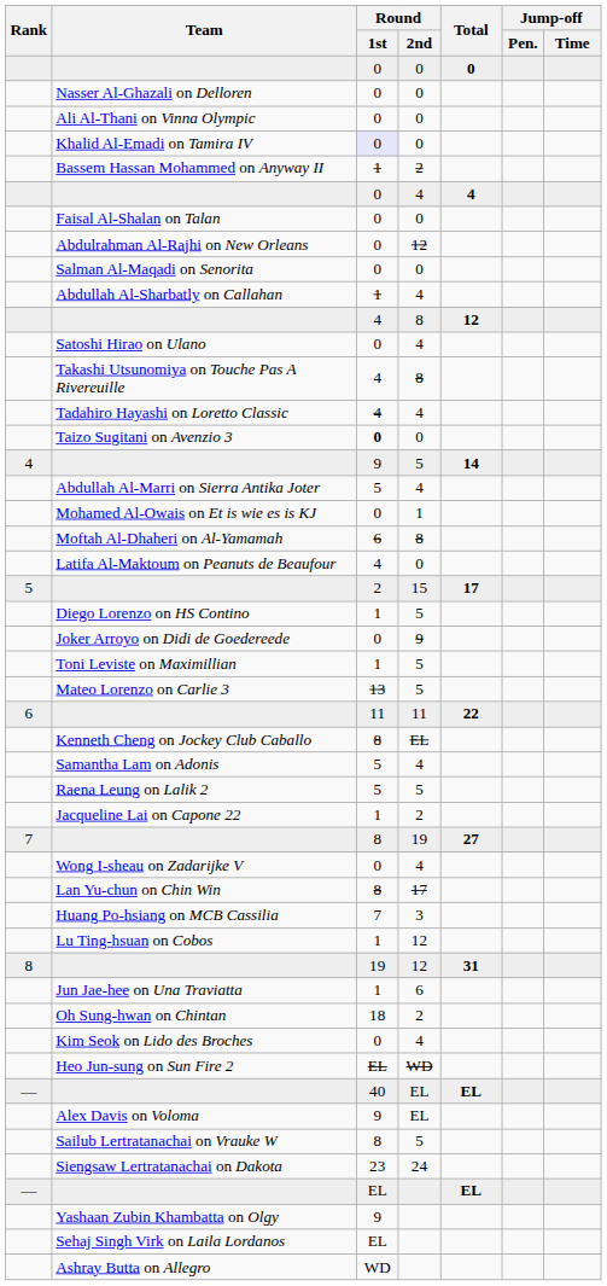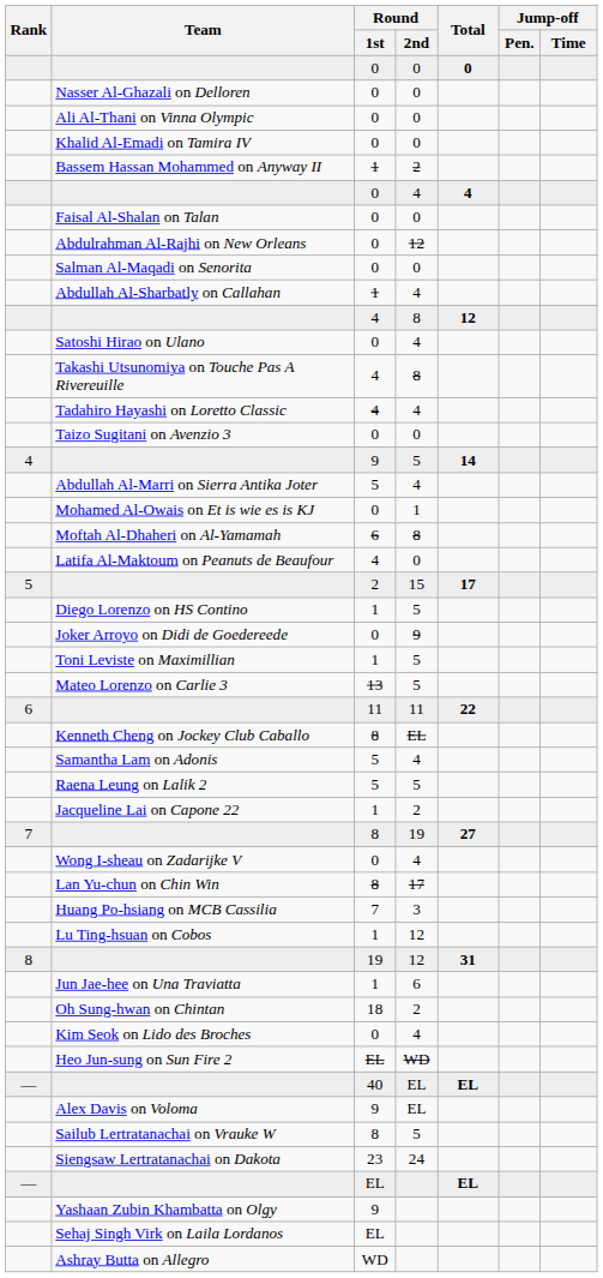 <table class=wikitable style="text-align:center">
 <tr>
 <th rowspan=2 width=40>Rank</th>
 <th rowspan=2 width=300>Team</th>
 <th colspan=2>Round</th>
 <th rowspan=2 width=55>Total</th>
 <th colspan=2>Jump-off</th>
 </tr>
 <tr>
 <th width=35>1st</th>
 <th width=35>2nd</th>
 <th width=35>Pen.</th>
 <th width=50>Time</th>
 </tr>
 <tr bgcolor=eeeeee>
 <td></td>
 <td align=left></td>
 <td>0</td>
 <td>0</td>
 <td><strong>0</strong></td>
 <td></td>
 <td></td>
 </tr>
 <tr>
 <td></td>
 <td align=left><a href='#'>Nasser Al-Ghazali</a> on <em>Delloren</em></td>
 <td>0</td>
 <td>0</td>
 <td></td>
 <td></td>
 <td></td>
 </tr>
 <tr>
 <td></td>
 <td align=left><a href='#'>Ali Al-Thani</a> on <em>Vinna Olympic</em></td>
 <td>0</td>
 <td>0</td>
 <td></td>
 <td></td>
 <td></td>
 </tr>
 <tr>
 <td></td>
 <td align=left><a href='#'>Khalid Al-Emadi</a> on <em>Tamira IV</em></td>
-<td style="background: lavender;">0</td>
+<td>0</td>
 <td>0</td>
 <td></td>
 <td></td>
 <td></td>
 </tr>
 <tr>
 <td></td>
 <td align=left><a href='#'>Bassem Hassan Mohammed</a> on <em>Anyway II</em></td>
 <td><s>1</s></td>
 <td><s>2</s></td>
 <td></td>
 <td></td>
 <td></td>
 </tr>
 <tr bgcolor=eeeeee>
 <td></td>
 <td align=left></td>
 <td>0</td>
 <td>4</td>
 <td><strong>4</strong></td>
 <td></td>
 <td></td>
 </tr>
 <tr>
 <td></td>
 <td align=left><a href='#'>Faisal Al-Shalan</a> on <em>Talan</em></td>
 <td>0</td>
 <td>0</td>
 <td></td>
 <td></td>
 <td></td>
 </tr>
 <tr>
 <td></td>
 <td align=left><a href='#'>Abdulrahman Al-Rajhi</a> on <em>New Orleans</em></td>
 <td>0</td>
 <td><s>12</s></td>
 <td></td>
 <td></td>
 <td></td>
 </tr>
 <tr>
 <td></td>
 <td align=left><a href='#'>Salman Al-Maqadi</a> on <em>Senorita</em></td>
 <td>0</td>
 <td>0</td>
 <td></td>
 <td></td>
 <td></td>
 </tr>
 <tr>
 <td></td>
 <td align=left><a href='#'>Abdullah Al-Sharbatly</a> on <em>Callahan</em></td>
 <td><s>1</s></td>
 <td>4</td>
 <td></td>
 <td></td>
 <td></td>
 </tr>
 <tr bgcolor=eeeeee>
 <td></td>
 <td align=left></td>
 <td>4</td>
 <td>8</td>
 <td><strong>12</strong></td>
 <td></td>
 <td></td>
 </tr>
 <tr>
 <td></td>
 <td align=left><a href='#'>Satoshi Hirao</a> on <em>Ulano</em></td>
 <td>0</td>
 <td>4</td>
 <td></td>
 <td></td>
 <td></td>
 </tr>
 <tr>
 <td></td>
 <td align=left><a href='#'>Takashi Utsunomiya</a> on <em>Touche Pas A Rivereuille</em></td>
 <td>4</td>
 <td><s>8</s></td>
 <td></td>
 <td></td>
 <td></td>
 </tr>
 <tr>
 <td></td>
 <td align=left><a href='#'>Tadahiro Hayashi</a> on <em>Loretto Classic</em></td>
 <td><s>4</s></td>
 <td>4</td>
 <td></td>
 <td></td>
 <td></td>
 </tr>
 <tr>
 <td></td>
 <td align=left><a href='#'>Taizo Sugitani</a> on <em>Avenzio 3</em></td>
-<td><strong>0</strong></td>
+<td>0</td>
 <td>0</td>
 <td></td>
 <td></td>
 <td></td>
 </tr>
 <tr bgcolor=eeeeee>
 <td>4</td>
 <td align=left></td>
 <td>9</td>
 <td>5</td>
 <td><strong>14</strong></td>
 <td></td>
 <td></td>
 </tr>
 <tr>
 <td></td>
 <td align=left><a href='#'>Abdullah Al-Marri</a> on <em>Sierra Antika Joter</em></td>
 <td>5</td>
 <td>4</td>
 <td></td>
 <td></td>
 <td></td>
 </tr>
 <tr>
 <td></td>
 <td align=left><a href='#'>Mohamed Al-Owais</a> on <em>Et is wie es is KJ</em></td>
 <td>0</td>
 <td>1</td>
 <td></td>
 <td></td>
 <td></td>
 </tr>
 <tr>
 <td></td>
 <td align=left><a href='#'>Moftah Al-Dhaheri</a> on <em>Al-Yamamah</em></td>
 <td><s>6</s></td>
 <td><s>8</s></td>
 <td></td>
 <td></td>
 <td></td>
 </tr>
 <tr>
 <td></td>
 <td align=left><a href='#'>Latifa Al-Maktoum</a> on <em>Peanuts de Beaufour</em></td>
 <td>4</td>
 <td>0</td>
 <td></td>
 <td></td>
 <td></td>
 </tr>
 <tr bgcolor=eeeeee>
 <td>5</td>
 <td align=left></td>
 <td>2</td>
 <td>15</td>
 <td><strong>17</strong></td>
 <td></td>
 <td></td>
 </tr>
 <tr>
 <td></td>
 <td align=left><a href='#'>Diego Lorenzo</a> on <em>HS Contino</em></td>
 <td>1</td>
 <td>5</td>
 <td></td>
 <td></td>
 <td></td>
 </tr>
 <tr>
 <td></td>
 <td align=left><a href='#'>Joker Arroyo</a> on <em>Didi de Goedereede</em></td>
 <td>0</td>
 <td><s>9</s></td>
 <td></td>
 <td></td>
 <td></td>
 </tr>
 <tr>
 <td></td>
 <td align=left><a href='#'>Toni Leviste</a> on <em>Maximillian</em></td>
 <td>1</td>
 <td>5</td>
 <td></td>
 <td></td>
 <td></td>
 </tr>
 <tr>
 <td></td>
 <td align=left><a href='#'>Mateo Lorenzo</a> on <em>Carlie 3</em></td>
 <td><s>13</s></td>
 <td>5</td>
 <td></td>
 <td></td>
 <td></td>
 </tr>
 <tr bgcolor=eeeeee>
 <td>6</td>
 <td align=left></td>
 <td>11</td>
 <td>11</td>
 <td><strong>22</strong></td>
 <td></td>
 <td></td>
 </tr>
 <tr>
 <td></td>
 <td align=left><a href='#'>Kenneth Cheng</a> on <em>Jockey Club Caballo</em></td>
 <td><s>8</s></td>
 <td><s>EL</s></td>
 <td></td>
 <td></td>
 <td></td>
 </tr>
 <tr>
 <td></td>
 <td align=left><a href='#'>Samantha Lam</a> on <em>Adonis</em></td>
 <td>5</td>
 <td>4</td>
 <td></td>
 <td></td>
 <td></td>
 </tr>
 <tr>
 <td></td>
 <td align=left><a href='#'>Raena Leung</a> on <em>Lalik 2</em></td>
 <td>5</td>
 <td>5</td>
 <td></td>
 <td></td>
 <td></td>
 </tr>
 <tr>
 <td></td>
 <td align=left><a href='#'>Jacqueline Lai</a> on <em>Capone 22</em></td>
 <td>1</td>
 <td>2</td>
 <td></td>
 <td></td>
 <td></td>
 </tr>
 <tr bgcolor=eeeeee>
 <td>7</td>
 <td align=left></td>
 <td>8</td>
 <td>19</td>
 <td><strong>27</strong></td>
 <td></td>
 <td></td>
 </tr>
 <tr>
 <td></td>
 <td align=left><a href='#'>Wong I-sheau</a> on <em>Zadarijke V</em></td>
 <td>0</td>
 <td>4</td>
 <td></td>
 <td></td>
 <td></td>
 </tr>
 <tr>
 <td></td>
 <td align=left><a href='#'>Lan Yu-chun</a> on <em>Chin Win</em></td>
 <td><s>8</s></td>
 <td><s>17</s></td>
 <td></td>
 <td></td>
 <td></td>
 </tr>
 <tr>
 <td></td>
 <td align=left><a href='#'>Huang Po-hsiang</a> on <em>MCB Cassilia</em></td>
 <td>7</td>
 <td>3</td>
 <td></td>
 <td></td>
 <td></td>
 </tr>
 <tr>
 <td></td>
 <td align=left><a href='#'>Lu Ting-hsuan</a> on <em>Cobos</em></td>
 <td>1</td>
 <td>12</td>
 <td></td>
 <td></td>
 <td></td>
 </tr>
 <tr bgcolor=eeeeee>
 <td>8</td>
 <td align=left></td>
 <td>19</td>
 <td>12</td>
 <td><strong>31</strong></td>
 <td></td>
 <td></td>
 </tr>
 <tr>
 <td></td>
 <td align=left><a href='#'>Jun Jae-hee</a> on <em>Una Traviatta</em></td>
 <td>1</td>
 <td>6</td>
 <td></td>
 <td></td>
 <td></td>
 </tr>
 <tr>
 <td></td>
 <td align=left><a href='#'>Oh Sung-hwan</a> on <em>Chintan</em></td>
 <td>18</td>
 <td>2</td>
 <td></td>
 <td></td>
 <td></td>
 </tr>
 <tr>
 <td></td>
 <td align=left><a href='#'>Kim Seok</a> on <em>Lido des Broches</em></td>
 <td>0</td>
 <td>4</td>
 <td></td>
 <td></td>
 <td></td>
 </tr>
 <tr>
 <td></td>
 <td align=left><a href='#'>Heo Jun-sung</a> on <em>Sun Fire 2</em></td>
 <td><s>EL</s></td>
 <td><s>WD</s></td>
 <td></td>
 <td></td>
 <td></td>
 </tr>
 <tr bgcolor=eeeeee>
 <td>—</td>
 <td align=left></td>
 <td>40</td>
 <td>EL</td>
 <td><strong>EL</strong></td>
 <td></td>
 <td></td>
 </tr>
 <tr>
 <td></td>
 <td align=left><a href='#'>Alex Davis</a> on <em>Voloma</em></td>
 <td>9</td>
 <td>EL</td>
 <td></td>
 <td></td>
 <td></td>
 </tr>
 <tr>
 <td></td>
 <td align=left><a href='#'>Sailub Lertratanachai</a> on <em>Vrauke W</em></td>
 <td>8</td>
 <td>5</td>
 <td></td>
 <td></td>
 <td></td>
 </tr>
 <tr>
 <td></td>
 <td align=left><a href='#'>Siengsaw Lertratanachai</a> on <em>Dakota</em></td>
 <td>23</td>
 <td>24</td>
 <td></td>
 <td></td>
 <td></td>
 </tr>
 <tr bgcolor=eeeeee>
 <td>—</td>
 <td align=left></td>
 <td>EL</td>
 <td></td>
 <td><strong>EL</strong></td>
 <td></td>
 <td></td>
 </tr>
 <tr>
 <td></td>
 <td align=left><a href='#'>Yashaan Zubin Khambatta</a> on <em>Olgy</em></td>
 <td>9</td>
 <td></td>
 <td></td>
 <td></td>
 <td></td>
 </tr>
 <tr>
 <td></td>
 <td align=left><a href='#'>Sehaj Singh Virk</a> on <em>Laila Lordanos</em></td>
 <td>EL</td>
 <td></td>
 <td></td>
 <td></td>
 <td></td>
 </tr>
 <tr>
 <td></td>
 <td align=left><a href='#'>Ashray Butta</a> on <em>Allegro</em></td>
 <td>WD</td>
 <td></td>
 <td></td>
 <td></td>
 <td></td>
 </tr>
 </table>
